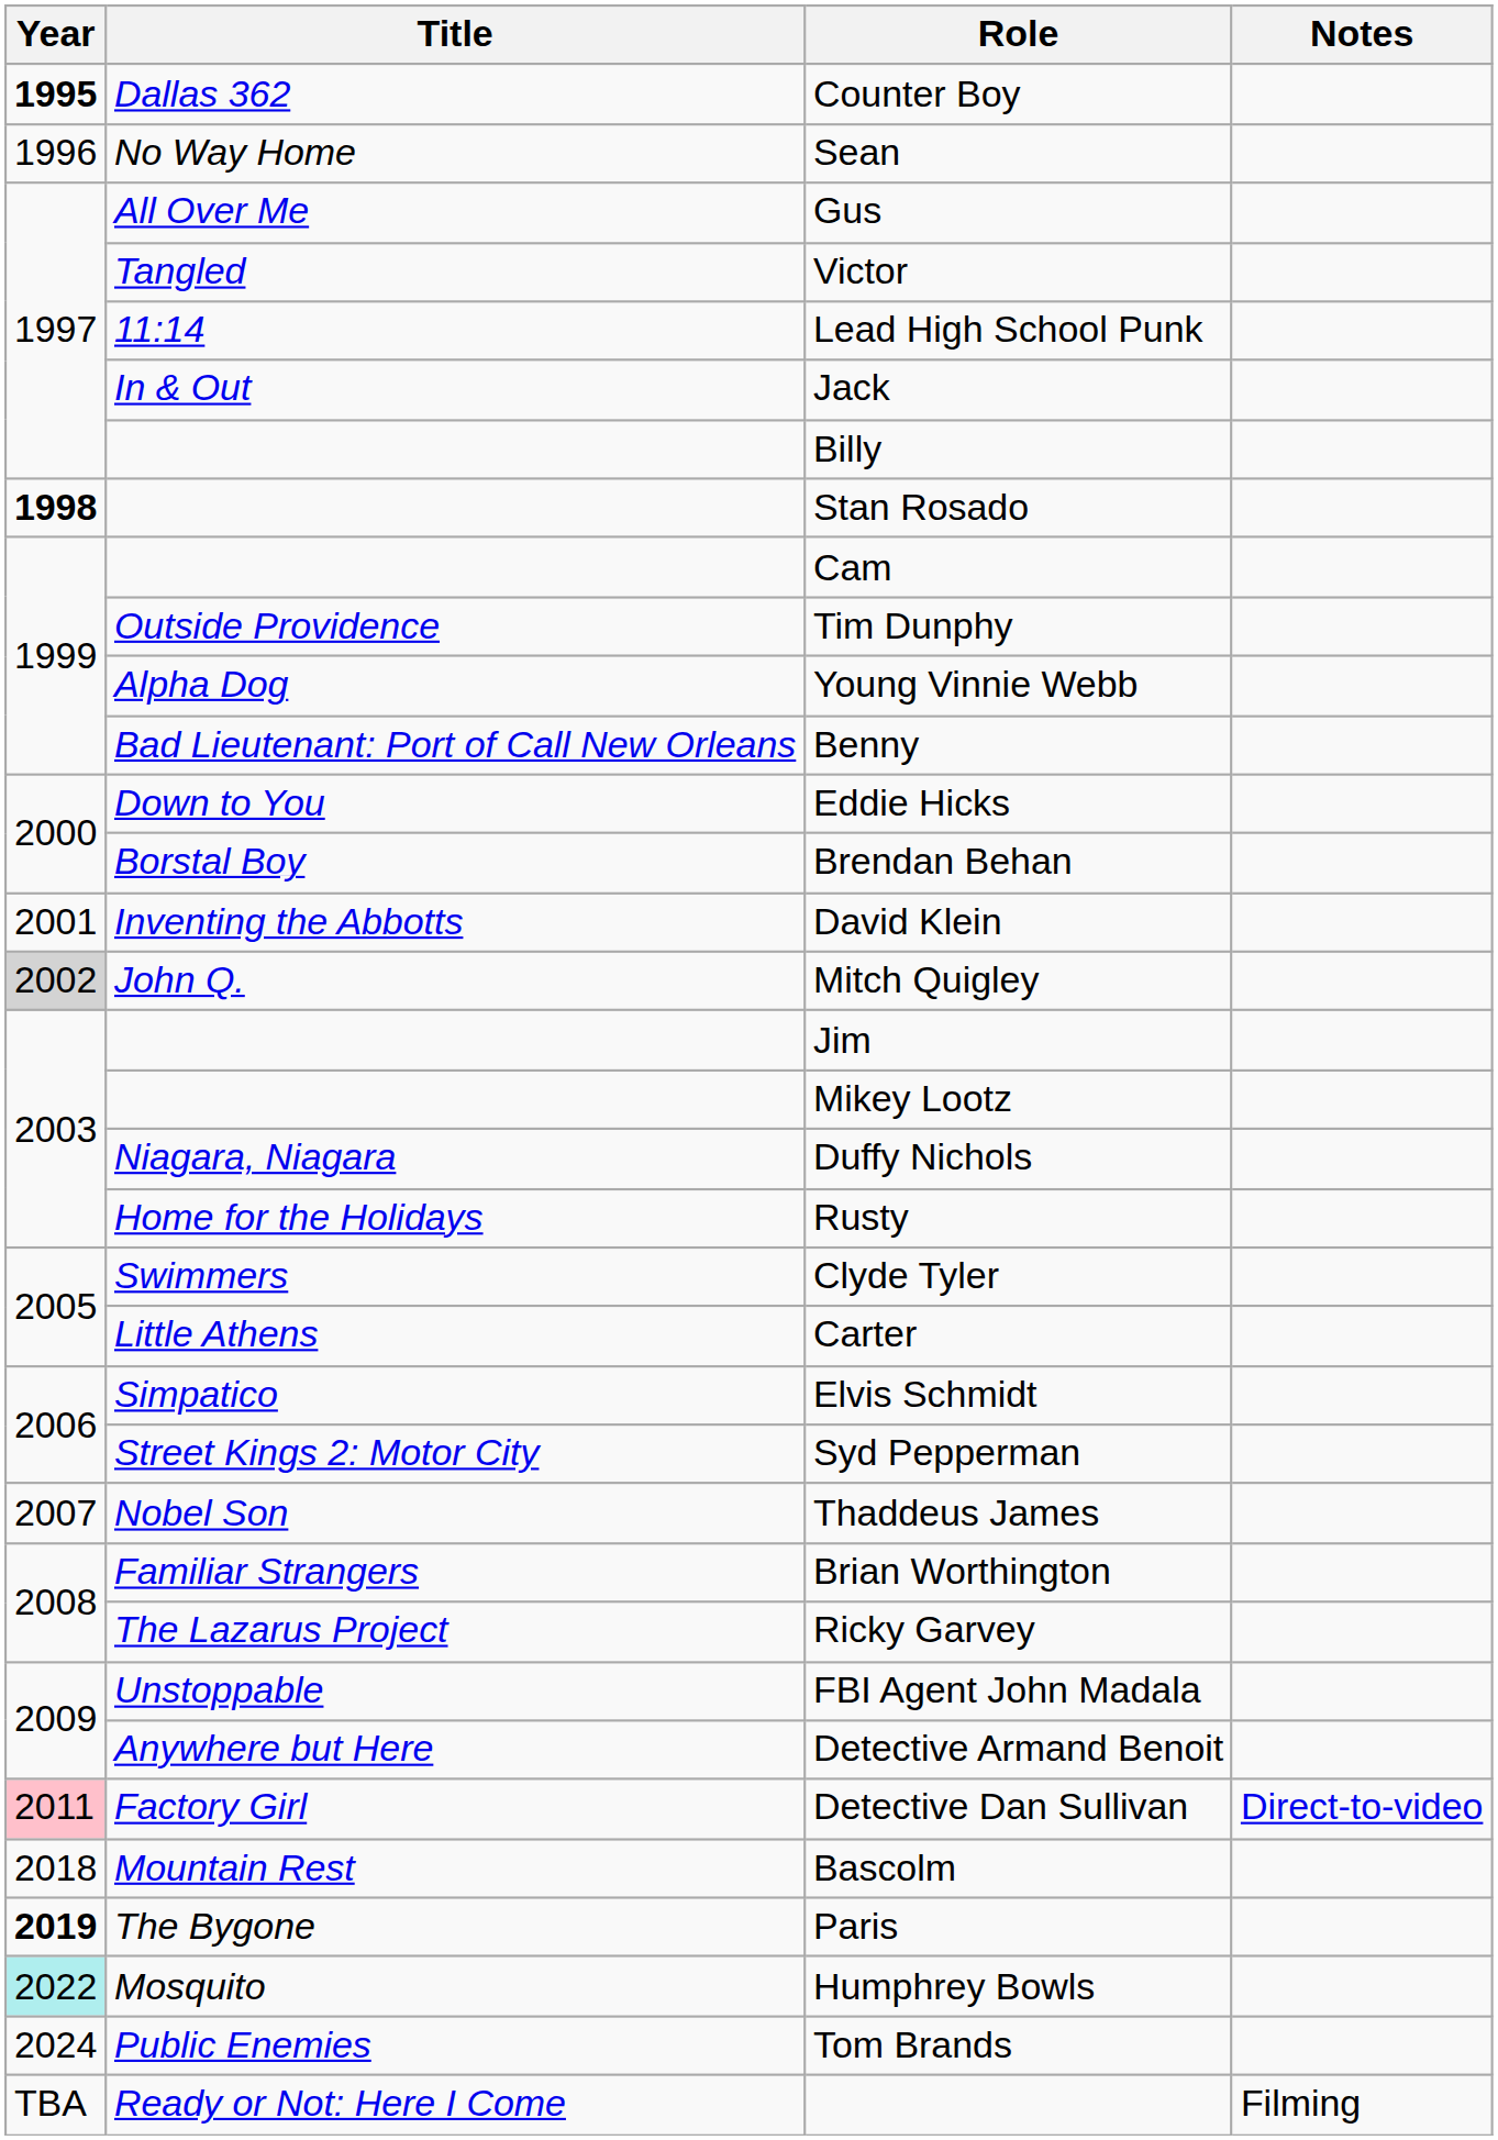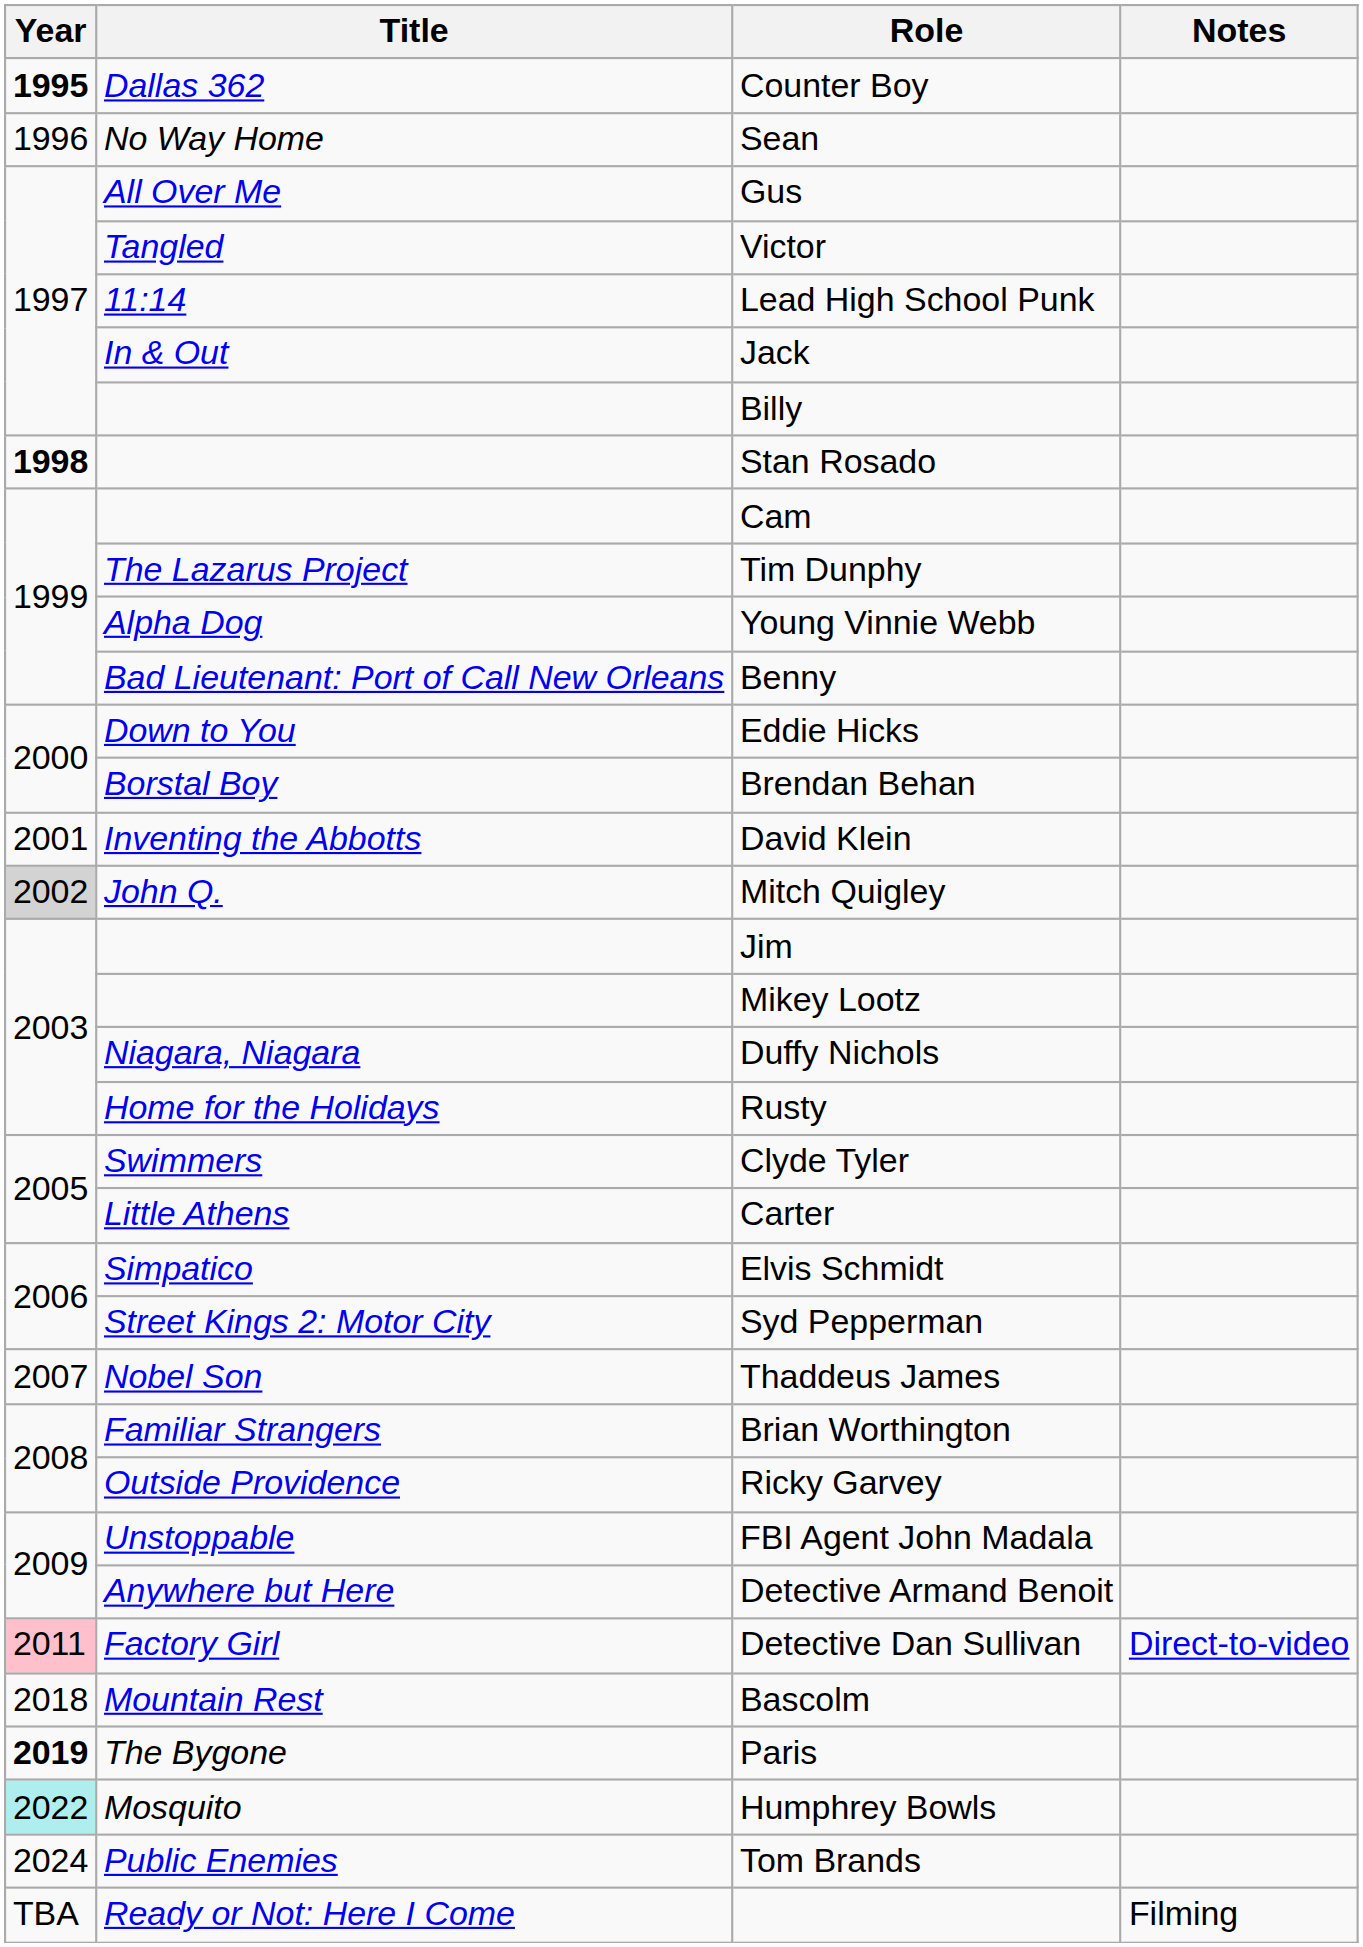 <table class="wikitable sortable">
 <tr>
 <th>Year</th>
 <th>Title</th>
 <th>Role</th>
 <th class="unsortable">Notes</th>
 </tr>
 <tr>
 <td><strong>1995</strong></td>
 <td><em><a href='#'>Dallas 362</a></em></td>
 <td>Counter Boy</td>
 <td></td>
 </tr>
 <tr>
 <td>1996</td>
 <td><em>No Way Home</em></td>
 <td>Sean</td>
 <td></td>
 </tr>
 <tr>
 <td rowspan="5">1997</td>
 <td><em><a href='#'>All Over Me</a></em></td>
 <td>Gus</td>
 <td></td>
 </tr>
 <tr>
 <td><em><a href='#'>Tangled</a></em></td>
 <td>Victor</td>
 <td></td>
 </tr>
 <tr>
 <td><em><a href='#'>11:14</a></em></td>
 <td>Lead High School Punk</td>
 <td></td>
 </tr>
 <tr>
 <td><em><a href='#'>In & Out</a></em></td>
 <td>Jack</td>
 <td></td>
 </tr>
 <tr>
 <td><em></em></td>
 <td>Billy</td>
 <td></td>
 </tr>
 <tr>
 <td><strong>1998</strong></td>
 <td><em></em></td>
 <td>Stan Rosado</td>
 <td></td>
 </tr>
 <tr>
 <td rowspan="4">1999</td>
 <td><em></em></td>
 <td>Cam</td>
 <td></td>
 </tr>
 <tr>
-<td><em><a href='#'>Outside Providence</a></em></td>
+<td><em><a href='#'>The Lazarus Project</a></em></td>
 <td>Tim Dunphy</td>
 <td></td>
 </tr>
 <tr>
 <td><em><a href='#'>Alpha Dog</a></em></td>
 <td>Young Vinnie Webb</td>
 <td></td>
 </tr>
 <tr>
 <td><em><a href='#'>Bad Lieutenant: Port of Call New Orleans</a></em></td>
 <td>Benny</td>
 <td></td>
 </tr>
 <tr>
 <td rowspan="2">2000</td>
 <td><em><a href='#'>Down to You</a></em></td>
 <td>Eddie Hicks</td>
 <td></td>
 </tr>
 <tr>
 <td><em><a href='#'>Borstal Boy</a></em></td>
 <td>Brendan Behan</td>
 <td></td>
 </tr>
 <tr>
 <td>2001</td>
 <td><em><a href='#'>Inventing the Abbotts</a></em></td>
 <td>David Klein</td>
 <td></td>
 </tr>
 <tr>
 <td style="background: lightgrey;">2002</td>
 <td><em><a href='#'>John Q.</a></em></td>
 <td>Mitch Quigley</td>
 <td></td>
 </tr>
 <tr>
 <td rowspan="4">2003</td>
 <td><em></em></td>
 <td>Jim</td>
 <td></td>
 </tr>
 <tr>
 <td><em></em></td>
 <td>Mikey Lootz</td>
 <td></td>
 </tr>
 <tr>
 <td><em><a href='#'>Niagara, Niagara</a></em></td>
 <td>Duffy Nichols</td>
 <td></td>
 </tr>
 <tr>
 <td><em><a href='#'>Home for the Holidays</a></em></td>
 <td>Rusty</td>
 <td></td>
 </tr>
 <tr>
 <td rowspan="2">2005</td>
 <td><em><a href='#'>Swimmers</a></em></td>
 <td>Clyde Tyler</td>
 <td></td>
 </tr>
 <tr>
 <td><em><a href='#'>Little Athens</a></em></td>
 <td>Carter</td>
 <td></td>
 </tr>
 <tr>
 <td rowspan="2">2006</td>
 <td><em><a href='#'>Simpatico</a></em></td>
 <td>Elvis Schmidt</td>
 <td></td>
 </tr>
 <tr>
 <td><em><a href='#'>Street Kings 2: Motor City</a></em></td>
 <td>Syd Pepperman</td>
 <td></td>
 </tr>
 <tr>
 <td>2007</td>
 <td><em><a href='#'>Nobel Son</a></em></td>
 <td>Thaddeus James</td>
 <td></td>
 </tr>
 <tr>
 <td rowspan="2">2008</td>
 <td><em><a href='#'>Familiar Strangers</a></em></td>
 <td>Brian Worthington</td>
 <td></td>
 </tr>
 <tr>
-<td><em><a href='#'>The Lazarus Project</a></em></td>
+<td><em><a href='#'>Outside Providence</a></em></td>
 <td>Ricky Garvey</td>
 <td></td>
 </tr>
 <tr>
 <td rowspan="2">2009</td>
 <td><em><a href='#'>Unstoppable</a></em></td>
 <td>FBI Agent John Madala</td>
 <td></td>
 </tr>
 <tr>
 <td><em><a href='#'>Anywhere but Here</a></em></td>
 <td>Detective Armand Benoit</td>
 <td></td>
 </tr>
 <tr>
 <td style="background: pink;">2011</td>
 <td><em><a href='#'>Factory Girl</a></em></td>
 <td>Detective Dan Sullivan</td>
 <td><a href='#'>Direct-to-video</a></td>
 </tr>
 <tr>
 <td>2018</td>
 <td><em><a href='#'>Mountain Rest</a></em></td>
 <td>Bascolm</td>
 <td></td>
 </tr>
 <tr>
 <td><strong>2019</strong></td>
 <td><em>The Bygone</em></td>
 <td>Paris</td>
 <td></td>
 </tr>
 <tr>
 <td style="background: paleturquoise;">2022</td>
 <td><em>Mosquito</em></td>
 <td>Humphrey Bowls</td>
 <td></td>
 </tr>
 <tr>
 <td>2024</td>
 <td><em><a href='#'>Public Enemies</a></em></td>
 <td>Tom Brands</td>
 <td></td>
 </tr>
 <tr>
 <td>TBA</td>
 <td><em><a href='#'>Ready or Not: Here I Come</a></em></td>
 <td></td>
 <td>Filming</td>
 </tr>
 </table>
